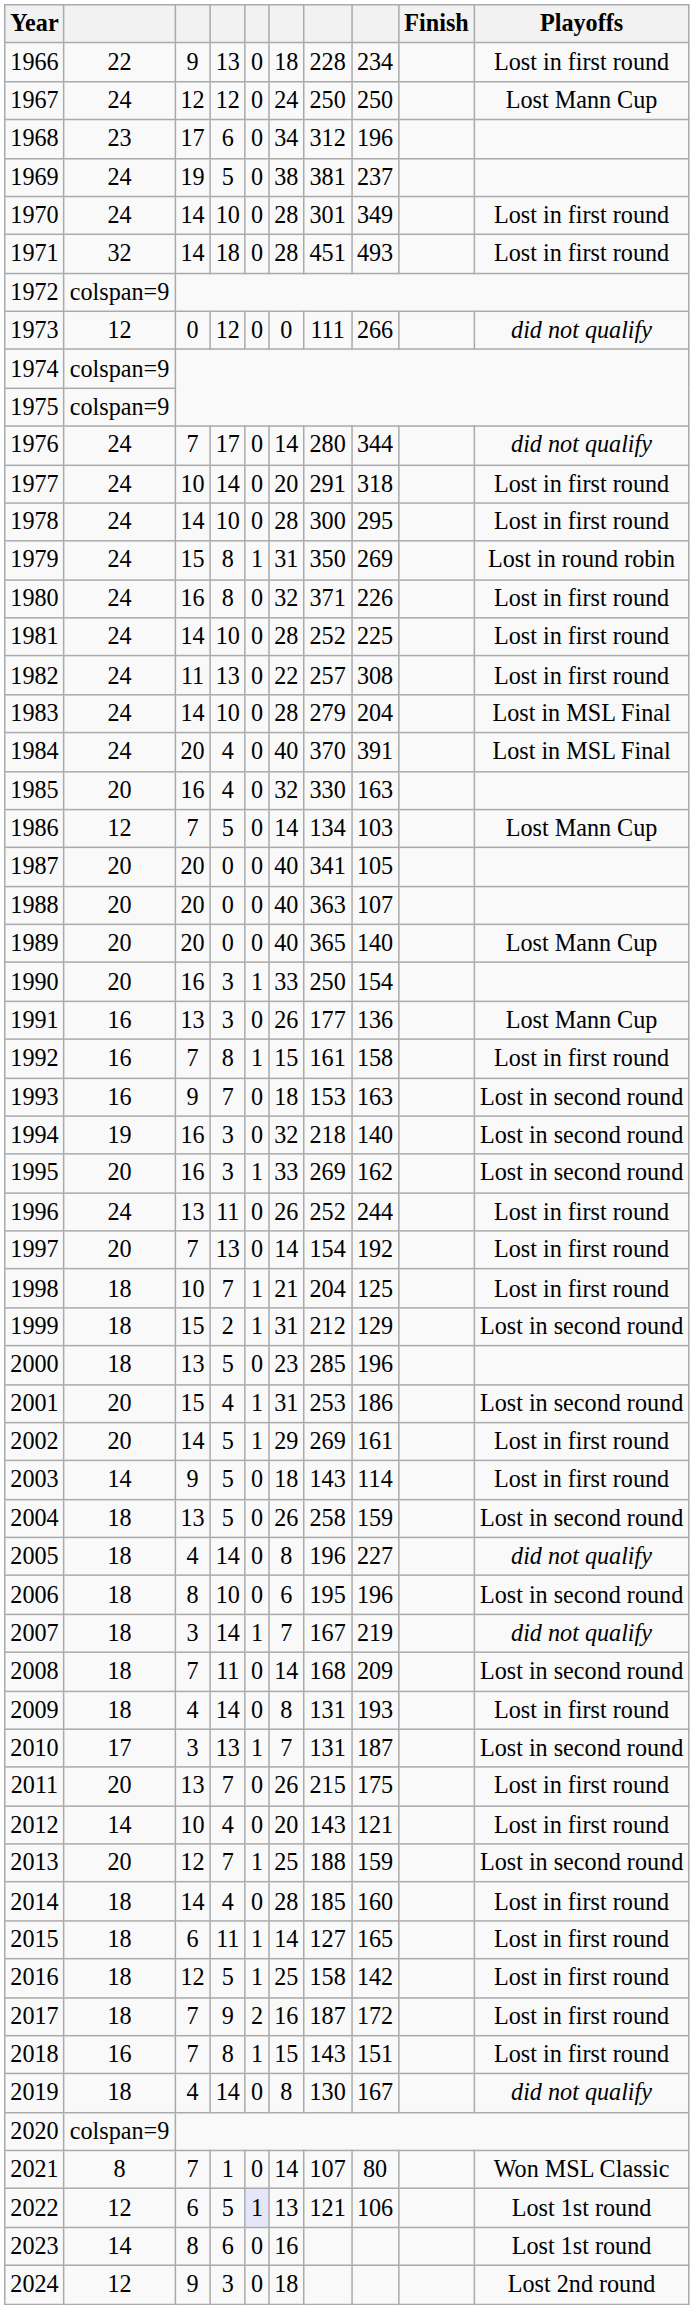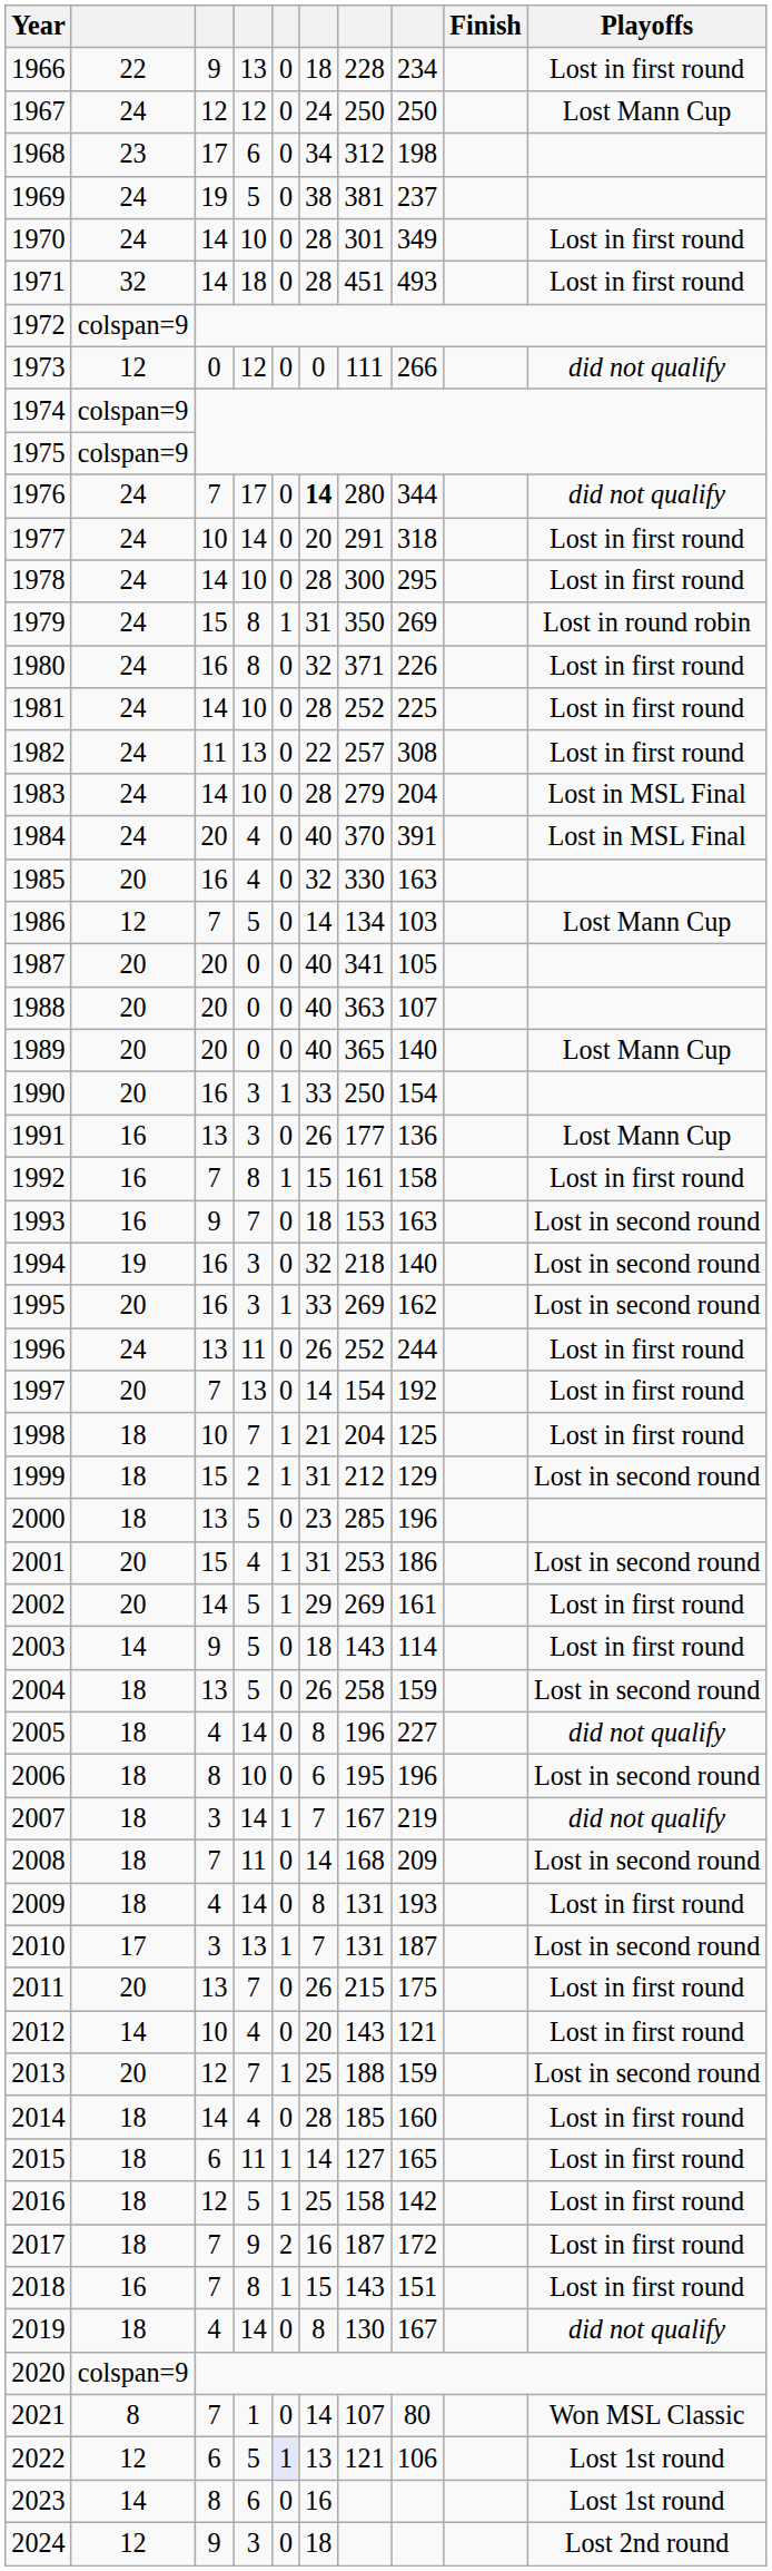 <table class="wikitable sortable" style="text-align:center">
 <tr>
 <th>Year</th>
 <th></th>
 <th></th>
 <th></th>
 <th></th>
 <th></th>
 <th></th>
 <th></th>
 <th>Finish</th>
 <th> Playoffs</th>
 </tr>
 <tr>
 <td>1966</td>
 <td>22</td>
 <td>9</td>
 <td>13</td>
 <td>0</td>
 <td>18</td>
 <td>228</td>
 <td>234</td>
 <td></td>
 <td> Lost in first round</td>
 </tr>
 <tr>
 <td>1967</td>
 <td>24</td>
 <td>12</td>
 <td>12</td>
 <td>0</td>
 <td>24</td>
 <td>250</td>
 <td>250</td>
 <td></td>
 <td> Lost Mann Cup</td>
 </tr>
 <tr>
 <td>1968</td>
 <td>23</td>
 <td>17</td>
 <td>6</td>
 <td>0</td>
 <td>34</td>
 <td>312</td>
-<td>196</td>
+<td>198</td>
 <td></td>
 <td></td>
 </tr>
 <tr>
 <td>1969</td>
 <td>24</td>
 <td>19</td>
 <td>5</td>
 <td>0</td>
 <td>38</td>
 <td>381</td>
 <td>237</td>
 <td></td>
 <td></td>
 </tr>
 <tr>
 <td>1970</td>
 <td>24</td>
 <td>14</td>
 <td>10</td>
 <td>0</td>
 <td>28</td>
 <td>301</td>
 <td>349</td>
 <td></td>
 <td> Lost in first round</td>
 </tr>
 <tr>
 <td>1971</td>
 <td>32</td>
 <td>14</td>
 <td>18</td>
 <td>0</td>
 <td>28</td>
 <td>451</td>
 <td>493</td>
 <td></td>
 <td> Lost in first round</td>
 </tr>
 <tr>
 <td>1972</td>
 <td>colspan=9 </td>
 </tr>
 <tr>
 <td>1973</td>
 <td>12</td>
 <td>0</td>
 <td>12</td>
 <td>0</td>
 <td>0</td>
 <td>111</td>
 <td>266</td>
 <td></td>
 <td> <em>did not qualify</em></td>
 </tr>
 <tr>
 <td>1974</td>
 <td>colspan=9 </td>
 </tr>
 <tr>
 <td>1975</td>
 <td>colspan=9 </td>
 </tr>
 <tr>
 <td>1976</td>
 <td>24</td>
 <td>7</td>
 <td>17</td>
 <td>0</td>
-<td>14</td>
+<td><strong>14</strong></td>
 <td>280</td>
 <td>344</td>
 <td></td>
 <td> <em>did not qualify</em></td>
 </tr>
 <tr>
 <td>1977</td>
 <td>24</td>
 <td>10</td>
 <td>14</td>
 <td>0</td>
 <td>20</td>
 <td>291</td>
 <td>318</td>
 <td></td>
 <td> Lost in first round</td>
 </tr>
 <tr>
 <td>1978</td>
 <td>24</td>
 <td>14</td>
 <td>10</td>
 <td>0</td>
 <td>28</td>
 <td>300</td>
 <td>295</td>
 <td></td>
 <td> Lost in first round</td>
 </tr>
 <tr>
 <td>1979</td>
 <td>24</td>
 <td>15</td>
 <td>8</td>
 <td>1</td>
 <td>31</td>
 <td>350</td>
 <td>269</td>
 <td></td>
 <td> Lost in round robin</td>
 </tr>
 <tr>
 <td>1980</td>
 <td>24</td>
 <td>16</td>
 <td>8</td>
 <td>0</td>
 <td>32</td>
 <td>371</td>
 <td>226</td>
 <td></td>
 <td> Lost in first round</td>
 </tr>
 <tr>
 <td>1981</td>
 <td>24</td>
 <td>14</td>
 <td>10</td>
 <td>0</td>
 <td>28</td>
 <td>252</td>
 <td>225</td>
 <td></td>
 <td> Lost in first round</td>
 </tr>
 <tr>
 <td>1982</td>
 <td>24</td>
 <td>11</td>
 <td>13</td>
 <td>0</td>
 <td>22</td>
 <td>257</td>
 <td>308</td>
 <td></td>
 <td> Lost in first round</td>
 </tr>
 <tr>
 <td>1983</td>
 <td>24</td>
 <td>14</td>
 <td>10</td>
 <td>0</td>
 <td>28</td>
 <td>279</td>
 <td>204</td>
 <td></td>
 <td> Lost in MSL Final</td>
 </tr>
 <tr>
 <td>1984</td>
 <td>24</td>
 <td>20</td>
 <td>4</td>
 <td>0</td>
 <td>40</td>
 <td>370</td>
 <td>391</td>
 <td></td>
 <td> Lost in MSL Final</td>
 </tr>
 <tr>
 <td>1985</td>
 <td>20</td>
 <td>16</td>
 <td>4</td>
 <td>0</td>
 <td>32</td>
 <td>330</td>
 <td>163</td>
 <td></td>
 <td></td>
 </tr>
 <tr>
 <td>1986</td>
 <td>12</td>
 <td>7</td>
 <td>5</td>
 <td>0</td>
 <td>14</td>
 <td>134</td>
 <td>103</td>
 <td></td>
 <td> Lost Mann Cup</td>
 </tr>
 <tr>
 <td>1987</td>
 <td>20</td>
 <td>20</td>
 <td>0</td>
 <td>0</td>
 <td>40</td>
 <td>341</td>
 <td>105</td>
 <td></td>
 <td></td>
 </tr>
 <tr>
 <td>1988</td>
 <td>20</td>
 <td>20</td>
 <td>0</td>
 <td>0</td>
 <td>40</td>
 <td>363</td>
 <td>107</td>
 <td></td>
 <td></td>
 </tr>
 <tr>
 <td>1989</td>
 <td>20</td>
 <td>20</td>
 <td>0</td>
 <td>0</td>
 <td>40</td>
 <td>365</td>
 <td>140</td>
 <td></td>
 <td> Lost Mann Cup</td>
 </tr>
 <tr>
 <td>1990</td>
 <td>20</td>
 <td>16</td>
 <td>3</td>
 <td>1</td>
 <td>33</td>
 <td>250</td>
 <td>154</td>
 <td></td>
 <td></td>
 </tr>
 <tr>
 <td>1991</td>
 <td>16</td>
 <td>13</td>
 <td>3</td>
 <td>0</td>
 <td>26</td>
 <td>177</td>
 <td>136</td>
 <td></td>
 <td> Lost Mann Cup</td>
 </tr>
 <tr>
 <td>1992</td>
 <td>16</td>
 <td>7</td>
 <td>8</td>
 <td>1</td>
 <td>15</td>
 <td>161</td>
 <td>158</td>
 <td></td>
 <td> Lost in first round</td>
 </tr>
 <tr>
 <td>1993</td>
 <td>16</td>
 <td>9</td>
 <td>7</td>
 <td>0</td>
 <td>18</td>
 <td>153</td>
 <td>163</td>
 <td></td>
 <td> Lost in second round</td>
 </tr>
 <tr>
 <td>1994</td>
 <td>19</td>
 <td>16</td>
 <td>3</td>
 <td>0</td>
 <td>32</td>
 <td>218</td>
 <td>140</td>
 <td></td>
 <td> Lost in second round</td>
 </tr>
 <tr>
 <td>1995</td>
 <td>20</td>
 <td>16</td>
 <td>3</td>
 <td>1</td>
 <td>33</td>
 <td>269</td>
 <td>162</td>
 <td></td>
 <td> Lost in second round</td>
 </tr>
 <tr>
 <td>1996</td>
 <td>24</td>
 <td>13</td>
 <td>11</td>
 <td>0</td>
 <td>26</td>
 <td>252</td>
 <td>244</td>
 <td></td>
 <td> Lost in first round</td>
 </tr>
 <tr>
 <td>1997</td>
 <td>20</td>
 <td>7</td>
 <td>13</td>
 <td>0</td>
 <td>14</td>
 <td>154</td>
 <td>192</td>
 <td></td>
 <td> Lost in first round</td>
 </tr>
 <tr>
 <td>1998</td>
 <td>18</td>
 <td>10</td>
 <td>7</td>
 <td>1</td>
 <td>21</td>
 <td>204</td>
 <td>125</td>
 <td></td>
 <td> Lost in first round</td>
 </tr>
 <tr>
 <td>1999</td>
 <td>18</td>
 <td>15</td>
 <td>2</td>
 <td>1</td>
 <td>31</td>
 <td>212</td>
 <td>129</td>
 <td></td>
 <td> Lost in second round</td>
 </tr>
 <tr>
 <td>2000</td>
 <td>18</td>
 <td>13</td>
 <td>5</td>
 <td>0</td>
 <td>23</td>
 <td>285</td>
 <td>196</td>
 <td></td>
 <td></td>
 </tr>
 <tr>
 <td>2001</td>
 <td>20</td>
 <td>15</td>
 <td>4</td>
 <td>1</td>
 <td>31</td>
 <td>253</td>
 <td>186</td>
 <td></td>
 <td> Lost in second round</td>
 </tr>
 <tr>
 <td>2002</td>
 <td>20</td>
 <td>14</td>
 <td>5</td>
 <td>1</td>
 <td>29</td>
 <td>269</td>
 <td>161</td>
 <td></td>
 <td> Lost in first round</td>
 </tr>
 <tr>
 <td>2003</td>
 <td>14</td>
 <td>9</td>
 <td>5</td>
 <td>0</td>
 <td>18</td>
 <td>143</td>
 <td>114</td>
 <td></td>
 <td> Lost in first round</td>
 </tr>
 <tr>
 <td>2004</td>
 <td>18</td>
 <td>13</td>
 <td>5</td>
 <td>0</td>
 <td>26</td>
 <td>258</td>
 <td>159</td>
 <td></td>
 <td> Lost in second round</td>
 </tr>
 <tr>
 <td>2005</td>
 <td>18</td>
 <td>4</td>
 <td>14</td>
 <td>0</td>
 <td>8</td>
 <td>196</td>
 <td>227</td>
 <td></td>
 <td> <em>did not qualify</em></td>
 </tr>
 <tr>
 <td>2006</td>
 <td>18</td>
 <td>8</td>
 <td>10</td>
 <td>0</td>
 <td>6</td>
 <td>195</td>
 <td>196</td>
 <td></td>
 <td> Lost in second round</td>
 </tr>
 <tr>
 <td>2007</td>
 <td>18</td>
 <td>3</td>
 <td>14</td>
 <td>1</td>
 <td>7</td>
 <td>167</td>
 <td>219</td>
 <td></td>
 <td> <em>did not qualify</em></td>
 </tr>
 <tr>
 <td>2008</td>
 <td>18</td>
 <td>7</td>
 <td>11</td>
 <td>0</td>
 <td>14</td>
 <td>168</td>
 <td>209</td>
 <td></td>
 <td> Lost in second round</td>
 </tr>
 <tr>
 <td>2009</td>
 <td>18</td>
 <td>4</td>
 <td>14</td>
 <td>0</td>
 <td>8</td>
 <td>131</td>
 <td>193</td>
 <td></td>
 <td> Lost in first round</td>
 </tr>
 <tr>
 <td>2010</td>
 <td>17</td>
 <td>3</td>
 <td>13</td>
 <td>1</td>
 <td>7</td>
 <td>131</td>
 <td>187</td>
 <td></td>
 <td> Lost in second round</td>
 </tr>
 <tr>
 <td>2011</td>
 <td>20</td>
 <td>13</td>
 <td>7</td>
 <td>0</td>
 <td>26</td>
 <td>215</td>
 <td>175</td>
 <td></td>
 <td> Lost in first round</td>
 </tr>
 <tr>
 <td>2012</td>
 <td>14</td>
 <td>10</td>
 <td>4</td>
 <td>0</td>
 <td>20</td>
 <td>143</td>
 <td>121</td>
 <td></td>
 <td> Lost in first round</td>
 </tr>
 <tr>
 <td>2013</td>
 <td>20</td>
 <td>12</td>
 <td>7</td>
 <td>1</td>
 <td>25</td>
 <td>188</td>
 <td>159</td>
 <td></td>
 <td> Lost in second round</td>
 </tr>
 <tr>
 <td>2014</td>
 <td>18</td>
 <td>14</td>
 <td>4</td>
 <td>0</td>
 <td>28</td>
 <td>185</td>
 <td>160</td>
 <td></td>
 <td> Lost in first round</td>
 </tr>
 <tr>
 <td>2015</td>
 <td>18</td>
 <td>6</td>
 <td>11</td>
 <td>1</td>
 <td>14</td>
 <td>127</td>
 <td>165</td>
 <td></td>
 <td> Lost in first round</td>
 </tr>
 <tr>
 <td>2016</td>
 <td>18</td>
 <td>12</td>
 <td>5</td>
 <td>1</td>
 <td>25</td>
 <td>158</td>
 <td>142</td>
 <td></td>
 <td> Lost in first round</td>
 </tr>
 <tr>
 <td>2017</td>
 <td>18</td>
 <td>7</td>
 <td>9</td>
 <td>2</td>
 <td>16</td>
 <td>187</td>
 <td>172</td>
 <td></td>
 <td> Lost in first round</td>
 </tr>
 <tr>
 <td>2018</td>
 <td>16</td>
 <td>7</td>
 <td>8</td>
 <td>1</td>
 <td>15</td>
 <td>143</td>
 <td>151</td>
 <td></td>
 <td> Lost in first round</td>
 </tr>
 <tr>
 <td>2019</td>
 <td>18</td>
 <td>4</td>
 <td>14</td>
 <td>0</td>
 <td>8</td>
 <td>130</td>
 <td>167</td>
 <td></td>
 <td> <em>did not qualify</em></td>
 </tr>
 <tr>
 <td>2020</td>
 <td>colspan=9 </td>
 </tr>
 <tr>
 <td>2021</td>
 <td>8</td>
 <td>7</td>
 <td>1</td>
 <td>0</td>
 <td>14</td>
 <td>107</td>
 <td>80</td>
 <td></td>
 <td> Won MSL Classic</td>
 </tr>
 <tr>
 <td>2022</td>
 <td>12</td>
 <td>6</td>
 <td>5</td>
 <td style="background: lavender;">1</td>
 <td>13</td>
 <td>121</td>
 <td>106</td>
 <td></td>
 <td> Lost 1st round</td>
 </tr>
 <tr>
 <td>2023</td>
 <td>14</td>
 <td>8</td>
 <td>6</td>
 <td>0</td>
 <td>16</td>
 <td></td>
 <td></td>
 <td></td>
 <td> Lost 1st round</td>
 </tr>
 <tr>
 <td>2024</td>
 <td>12</td>
 <td>9</td>
 <td>3</td>
 <td>0</td>
 <td>18</td>
 <td></td>
 <td></td>
 <td></td>
 <td> Lost 2nd round</td>
 </tr>
 </table>
